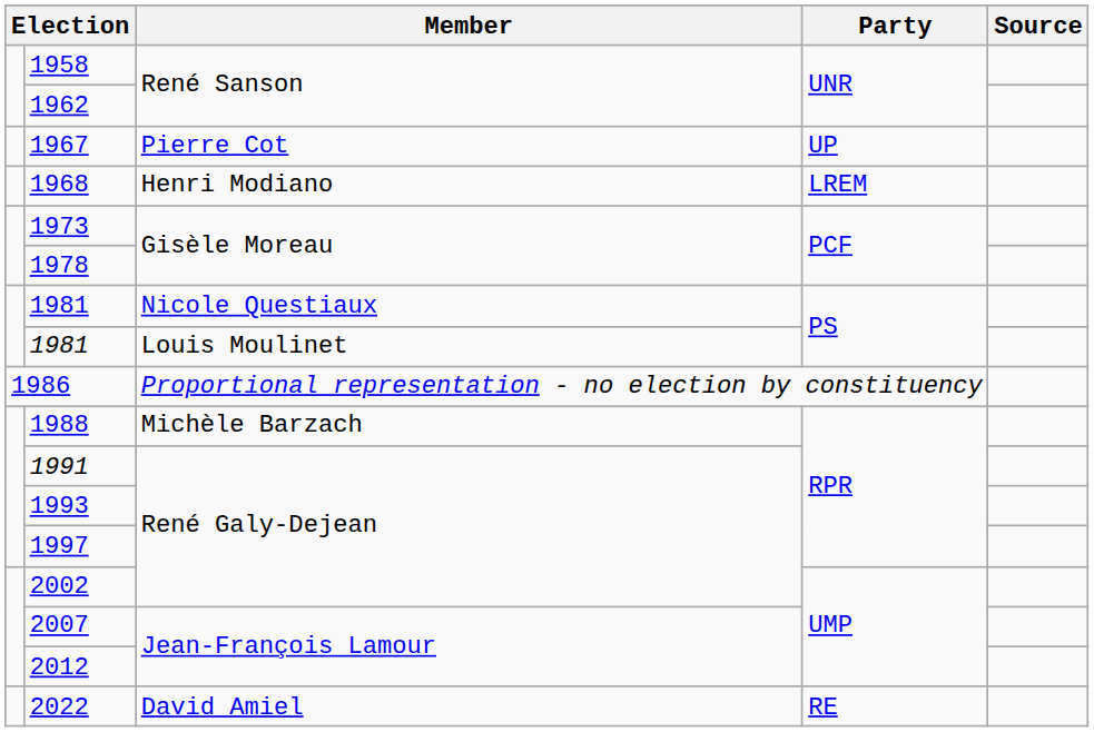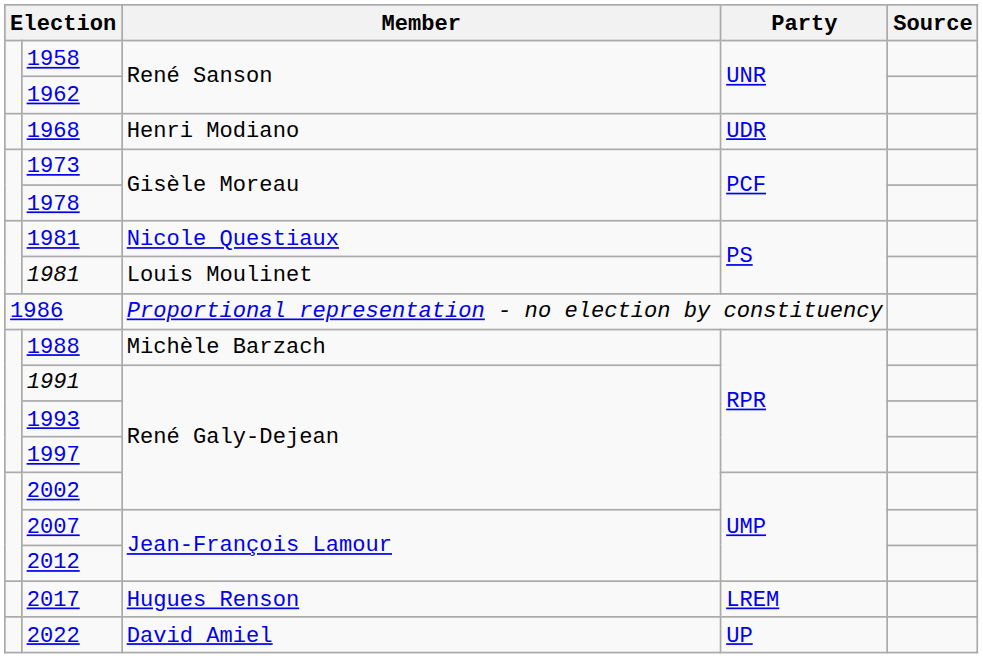 <table class="wikitable">
 <tr>
 <th colspan="2">Election</th>
 <th>Member</th>
 <th>Party</th>
 <th>Source</th>
 </tr>
 <tr>
 <td rowspan="2" style="color:inherit;background-color: "></td>
 <td><a href='#'>1958</a></td>
 <td rowspan="2">René Sanson</td>
 <td rowspan="2"><a href='#'>UNR</a></td>
 <td></td>
 </tr>
 <tr>
 <td><a href='#'>1962</a></td>
 <td></td>
 </tr>
 <tr>
 <td style="color:inherit;background-color: "></td>
-<td><a href='#'>1967</a></td>
-<td><a href='#'>Pierre Cot</a></td>
-<td><a href='#'>UP</a></td>
-<td></td>
-</tr>
-<tr>
-<td style="color:inherit;background-color: "></td>
 <td><a href='#'>1968</a></td>
 <td>Henri Modiano</td>
-<td><a href='#'>LREM</a></td>
+<td><a href='#'>UDR</a></td>
 <td></td>
 </tr>
 <tr>
 <td rowspan="2" style="color:inherit;background-color: "></td>
 <td><a href='#'>1973</a></td>
 <td rowspan="2">Gisèle Moreau</td>
 <td rowspan="2"><a href='#'>PCF</a></td>
 <td></td>
 </tr>
 <tr>
 <td><a href='#'>1978</a></td>
 <td></td>
 </tr>
 <tr>
 <td rowspan="2" style="color:inherit;background-color: "></td>
 <td><a href='#'>1981</a></td>
 <td><a href='#'>Nicole Questiaux</a></td>
 <td rowspan="2"><a href='#'>PS</a></td>
 <td></td>
 </tr>
 <tr>
 <td><em>1981</em></td>
 <td>Louis Moulinet</td>
 <td></td>
 </tr>
 <tr>
 <td colspan="2"><a href='#'>1986</a></td>
 <td colspan="2"><em><a href='#'>Proportional representation</a> - no election by constituency</em></td>
 <td></td>
 </tr>
 <tr>
 <td rowspan="4" style="color:inherit;background-color: "></td>
 <td><a href='#'>1988</a></td>
 <td>Michèle Barzach</td>
 <td rowspan="4"><a href='#'>RPR</a></td>
 <td></td>
 </tr>
 <tr>
 <td><em>1991</em></td>
 <td rowspan="4">René Galy-Dejean</td>
 <td></td>
 </tr>
 <tr>
 <td><a href='#'>1993</a></td>
 <td></td>
 </tr>
 <tr>
 <td><a href='#'>1997</a></td>
 <td></td>
 </tr>
 <tr>
 <td rowspan="3" style="color:inherit;background-color: "></td>
 <td><a href='#'>2002</a></td>
 <td rowspan="3"><a href='#'>UMP</a></td>
 <td></td>
 </tr>
 <tr>
 <td><a href='#'>2007</a></td>
 <td rowspan="2"><a href='#'>Jean-François Lamour</a></td>
 <td></td>
 </tr>
 <tr>
 <td><a href='#'>2012</a></td>
 <td></td>
 </tr>
 <tr>
 <td style="color:inherit;background:"></td>
+<td><a href='#'>2017</a></td>
+<td><a href='#'>Hugues Renson</a></td>
+<td><a href='#'>LREM</a></td>
+<td></td>
+</tr>
+<tr>
+<td style="color:inherit;background:"></td>
 <td><a href='#'>2022</a></td>
 <td><a href='#'>David Amiel</a></td>
-<td><a href='#'>RE</a></td>
+<td><a href='#'>UP</a></td>
 <td></td>
 </tr>
 </table>
